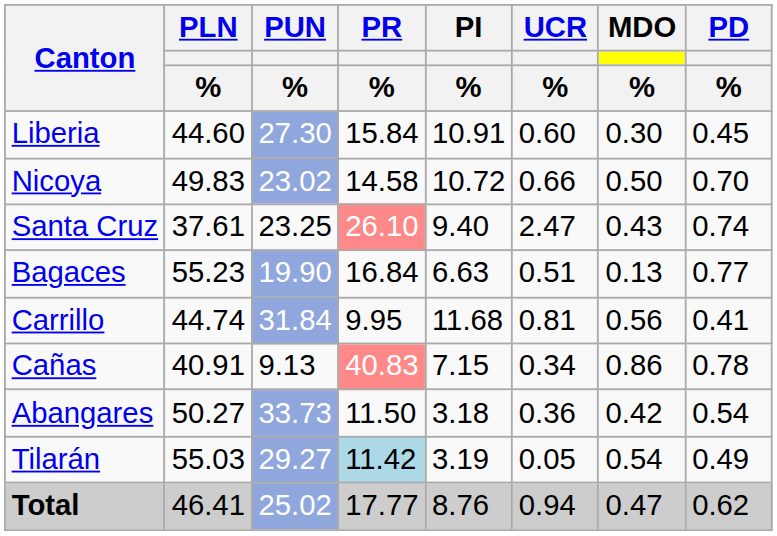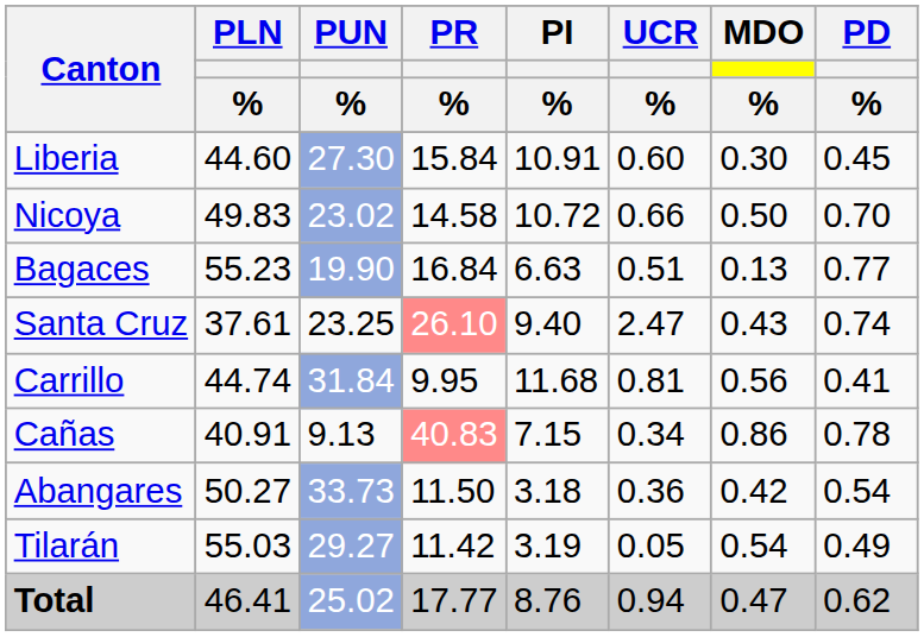 <table class="wikitable mw-collapsible mw-collapsed">
 <tr>
 <th rowspan="3"><a href='#'>Canton</a></th>
 <th colspan="1" width="40px"><a href='#'>PLN</a></th>
 <th colspan="1" width="40px"><a href='#'>PUN</a></th>
 <th colspan="1" width="40px"><a href='#'>PR</a></th>
 <th colspan="1" width="40px">PI</th>
 <th colspan="1" width="40px"><a href='#'>UCR</a></th>
 <th colspan="1" width="40px">MDO</th>
 <th colspan="1" width="40px"><a href='#'>PD</a></th>
 </tr>
 <tr>
 <th style="background:"></th>
 <th style="background:"></th>
 <th style="background:"></th>
 <th style="background:"></th>
 <th style="background:"></th>
 <th style="background:yellow"></th>
 <th style="background:"></th>
 </tr>
 <tr>
 <th data-sort-type="number">%</th>
 <th data-sort-type="number">%</th>
 <th data-sort-type="number">%</th>
 <th data-sort-type="number">%</th>
 <th data-sort-type="number">%</th>
 <th data-sort-type="number">%</th>
 <th data-sort-type="number">%</th>
 </tr>
 <tr>
 <td align="left"><a href='#'>Liberia</a></td>
 <td style="background:">44.60</td>
 <td style="background:#8fa7dc; color:white;">27.30</td>
 <td>15.84</td>
 <td>10.91</td>
 <td>0.60</td>
 <td>0.30</td>
 <td>0.45</td>
 </tr>
 <tr>
 <td align="left"><a href='#'>Nicoya</a></td>
 <td style="background:">49.83</td>
 <td style="background:#8fa7dc; color:white;">23.02</td>
 <td>14.58</td>
 <td>10.72</td>
 <td>0.66</td>
 <td>0.50</td>
 <td>0.70</td>
 </tr>
 <tr>
+<td align="left"><a href='#'>Bagaces</a></td>
+<td style="background:">55.23</td>
+<td style="background:#8fa7dc; color:white;">19.90</td>
+<td>16.84</td>
+<td>6.63</td>
+<td>0.51</td>
+<td>0.13</td>
+<td>0.77</td>
+</tr>
+<tr>
 <td align="left"><a href='#'>Santa Cruz</a></td>
 <td style="background:">37.61</td>
 <td>23.25</td>
 <td style="background:#ff8989; color:white;">26.10</td>
 <td>9.40</td>
 <td>2.47</td>
 <td>0.43</td>
 <td>0.74</td>
-</tr>
-<tr>
-<td align="left"><a href='#'>Bagaces</a></td>
-<td style="background:">55.23</td>
-<td style="background:#8fa7dc; color:white;">19.90</td>
-<td>16.84</td>
-<td>6.63</td>
-<td>0.51</td>
-<td>0.13</td>
-<td>0.77</td>
 </tr>
 <tr>
 <td align="left"><a href='#'>Carrillo</a></td>
 <td style="background:">44.74</td>
 <td style="background:#8fa7dc; color:white;">31.84</td>
 <td>9.95</td>
 <td>11.68</td>
 <td>0.81</td>
 <td>0.56</td>
 <td>0.41</td>
 </tr>
 <tr>
 <td align="left"><a href='#'>Cañas</a></td>
 <td style="background:">40.91</td>
 <td>9.13</td>
 <td style="background:#ff8989; color:white;">40.83</td>
 <td>7.15</td>
 <td>0.34</td>
 <td>0.86</td>
 <td>0.78</td>
 </tr>
 <tr>
 <td align="left"><a href='#'>Abangares</a></td>
 <td style="background:">50.27</td>
 <td style="background:#8fa7dc; color:white;">33.73</td>
 <td>11.50</td>
 <td>3.18</td>
 <td>0.36</td>
 <td>0.42</td>
 <td>0.54</td>
 </tr>
 <tr>
 <td align="left"><a href='#'>Tilarán</a></td>
 <td style="background:">55.03</td>
 <td style="background:#8fa7dc; color:white;">29.27</td>
-<td style="background: lightblue;">11.42</td>
+<td>11.42</td>
 <td>3.19</td>
 <td>0.05</td>
 <td>0.54</td>
 <td>0.49</td>
 </tr>
 <tr style="background:#CDCDCD;">
 <td align="left"><strong>Total</strong></td>
 <td style="background:">46.41</td>
 <td style="background:#8fa7dc; color:white;">25.02</td>
 <td>17.77</td>
 <td>8.76</td>
 <td>0.94</td>
 <td>0.47</td>
 <td>0.62</td>
 </tr>
 </table>
